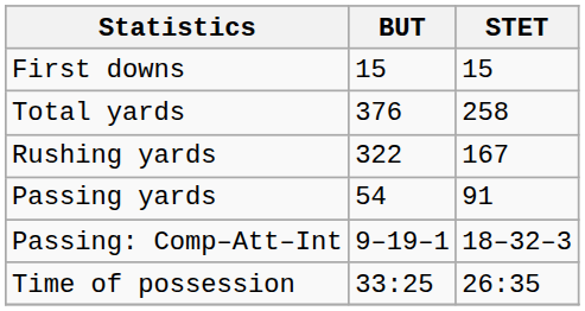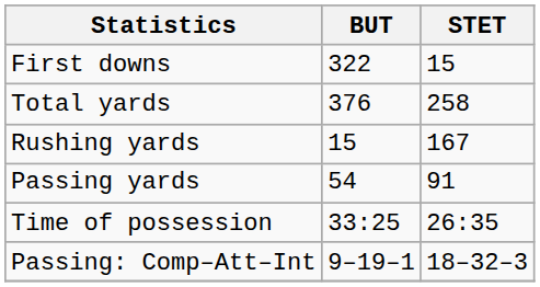 <table class="wikitable" style="float: left;">
 <tr>
 <th>Statistics</th>
 <th>BUT</th>
 <th>STET</th>
 </tr>
 <tr>
 <td>First downs</td>
-<td>15</td>
+<td>322</td>
 <td>15</td>
 </tr>
 <tr>
 <td>Total yards</td>
 <td>376</td>
 <td>258</td>
 </tr>
 <tr>
 <td>Rushing yards</td>
-<td>322</td>
+<td>15</td>
 <td>167</td>
 </tr>
 <tr>
 <td>Passing yards</td>
 <td>54</td>
 <td>91</td>
 </tr>
 <tr>
+<td>Time of possession</td>
+<td>33:25</td>
+<td>26:35</td>
+</tr>
+<tr>
 <td>Passing: Comp–Att–Int</td>
 <td>9–19–1</td>
 <td>18–32–3</td>
 </tr>
 <tr>
-<td>Time of possession</td>
-<td>33:25</td>
-<td>26:35</td>
-</tr>
-<tr>
 </tr>
 </table>
